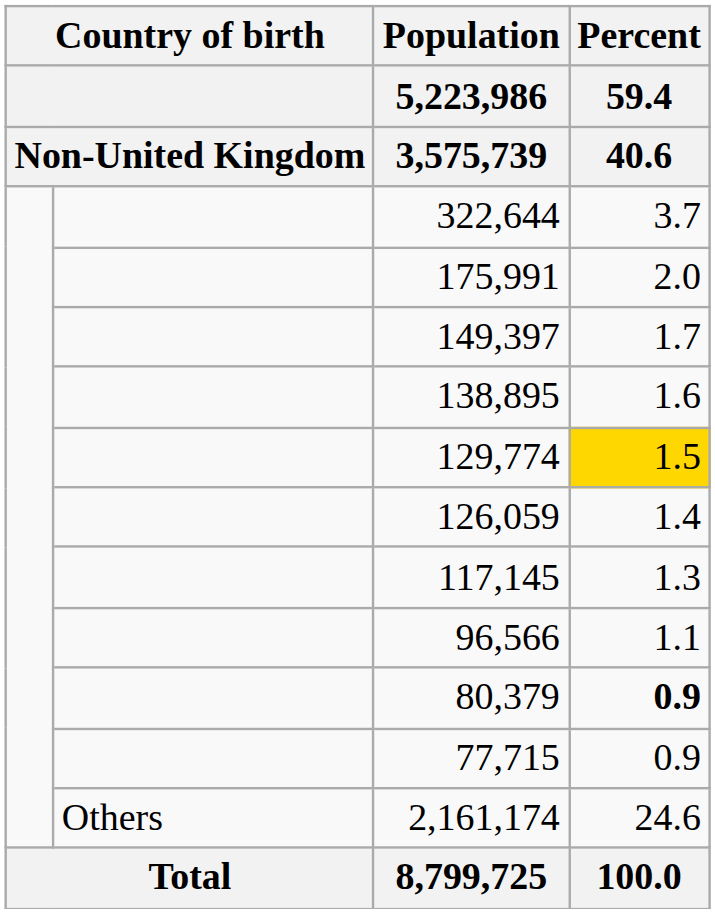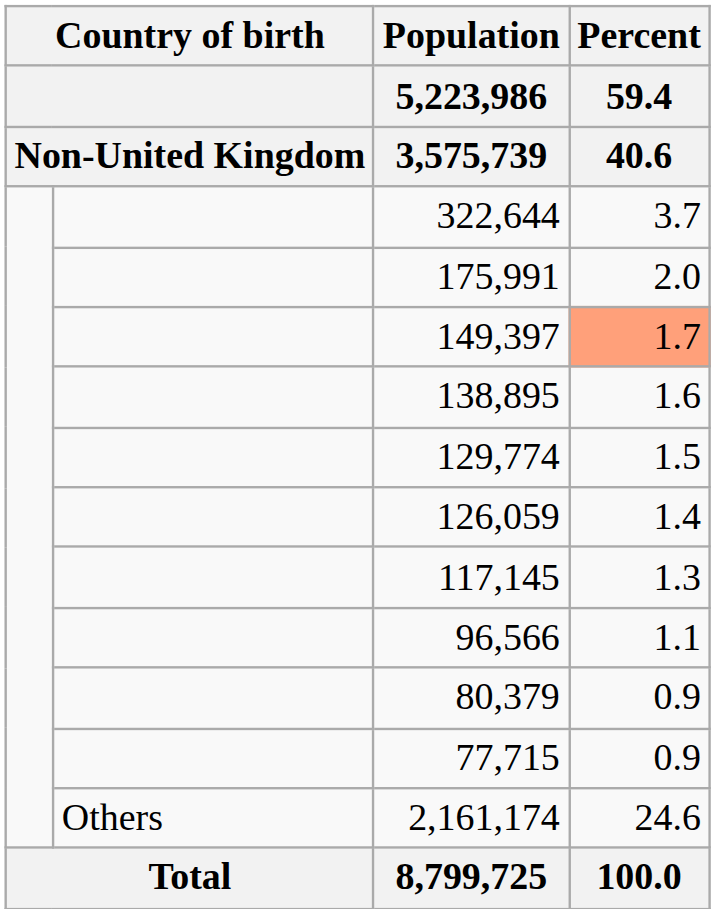 <table class="wikitable" style="float:right; text-align:right;">
 <tr>
 <th colspan=2>Country of birth</th>
 <th>Population</th>
 <th>Percent</th>
 </tr>
 <tr>
 <th tyle=text-align:left; colspan=2></th>
 <th>5,223,986</th>
 <th>59.4</th>
 </tr>
 <tr>
 <th style=text-align:left; colspan=2>Non-United Kingdom</th>
 <th>3,575,739</th>
 <th>40.6</th>
 </tr>
 <tr>
 <td rowspan=11></td>
 <td style=text-align:left;></td>
 <td>322,644</td>
 <td>3.7</td>
 </tr>
 <tr>
 <td style=text-align:left;></td>
 <td>175,991</td>
 <td>2.0</td>
 </tr>
 <tr>
 <td style=text-align:left;></td>
 <td>149,397</td>
-<td>1.7</td>
+<td style="background: lightsalmon;">1.7</td>
 </tr>
 <tr>
 <td style=text-align:left;></td>
 <td>138,895</td>
 <td>1.6</td>
 </tr>
 <tr>
 <td style=text-align:left;></td>
 <td>129,774</td>
-<td style="background: gold;">1.5</td>
+<td>1.5</td>
 </tr>
 <tr>
 <td style=text-align:left;></td>
 <td>126,059</td>
 <td>1.4</td>
 </tr>
 <tr>
 <td style=text-align:left;></td>
 <td>117,145</td>
 <td>1.3</td>
 </tr>
 <tr>
 <td style=text-align:left;></td>
 <td>96,566</td>
 <td>1.1</td>
 </tr>
 <tr>
 <td style=text-align:left;></td>
 <td>80,379</td>
-<td><strong>0.9</strong></td>
+<td>0.9</td>
 </tr>
 <tr>
 <td style=text-align:left;></td>
 <td>77,715</td>
 <td>0.9</td>
 </tr>
 <tr>
 <td style=text-align:left;>Others</td>
 <td>2,161,174</td>
 <td>24.6</td>
 </tr>
 <tr>
 <th colspan=2>Total</th>
 <th>8,799,725</th>
 <th>100.0</th>
 </tr>
 </table>
